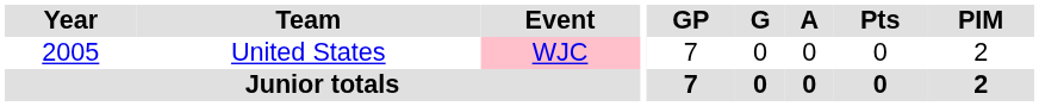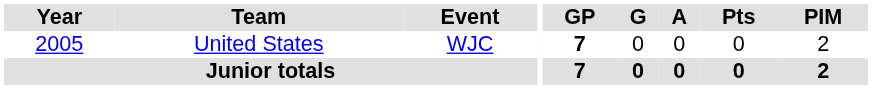 <table border="0" cellpadding="1" cellspacing="0" ID="Table3" style="text-align:center; width:40em">
 <tr ALIGN="center" bgcolor="#e0e0e0">
 <th>Year</th>
 <th>Team</th>
 <th>Event</th>
 <th rowspan="99" bgcolor="#ffffff"></th>
 <th>GP</th>
 <th>G</th>
 <th>A</th>
 <th>Pts</th>
 <th>PIM</th>
 </tr>
 <tr>
 <td><a href='#'>2005</a></td>
 <td><a href='#'>United States</a></td>
-<td style="background: pink;"><a href='#'>WJC</a></td>
-<td>7</td>
+<td><a href='#'>WJC</a></td>
+<td><strong>7</strong></td>
 <td>0</td>
 <td>0</td>
 <td>0</td>
 <td>2</td>
 </tr>
 <tr bgcolor="#e0e0e0">
 <th colspan="3">Junior totals</th>
 <th>7</th>
 <th>0</th>
 <th>0</th>
 <th>0</th>
 <th>2</th>
 </tr>
 </table>
